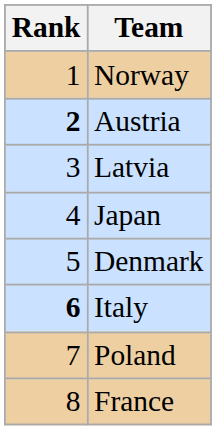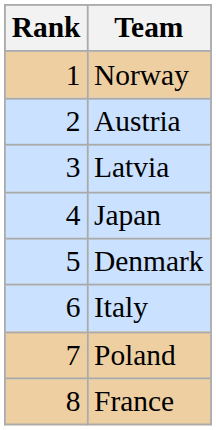 <table class="wikitable">
 <tr>
 <th>Rank</th>
 <th>Team</th>
 </tr>
 <tr bgcolor="#EECFA1" align="right">
 <td>1</td>
 <td align="left">Norway</td>
 </tr>
 <tr bgcolor="#CAE1FF" align="right">
-<td><strong>2</strong></td>
+<td>2</td>
 <td align="left">Austria</td>
 </tr>
 <tr bgcolor="#CAE1FF" align="right">
 <td>3</td>
 <td align="left">Latvia</td>
 </tr>
 <tr bgcolor="#CAE1FF" align="right">
 <td>4</td>
 <td align="left">Japan</td>
 </tr>
 <tr bgcolor="#CAE1FF" align="right">
 <td>5</td>
 <td align="left">Denmark</td>
 </tr>
 <tr bgcolor="#CAE1FF" align="right">
-<td><strong>6</strong></td>
+<td>6</td>
 <td align="left">Italy</td>
 </tr>
 <tr bgcolor="#EECFA1" align="right">
 <td>7</td>
 <td align="left">Poland</td>
 </tr>
 <tr bgcolor="#EECFA1" align="right">
 <td>8</td>
 <td align="left">France</td>
 </tr>
 </table>
